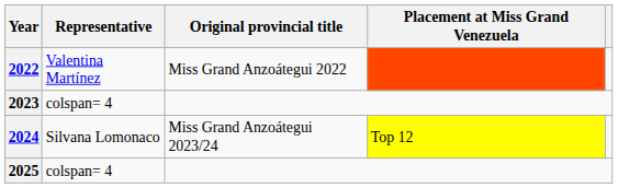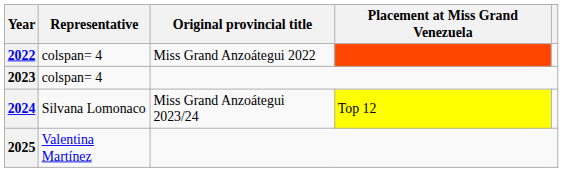 <table class="wikitable defaultcenter col2left" style="font-size:95%;">
 <tr>
 <th>Year</th>
 <th>Representative</th>
 <th>Original provincial title</th>
 <th>Placement at Miss Grand Venezuela</th>
 <th></th>
 </tr>
 <tr>
 <th><a href='#'>2022</a></th>
-<td><a href='#'>Valentina Martínez</a></td>
+<td>colspan= 4 </td>
 <td>Miss Grand Anzoátegui 2022</td>
 <td bgcolor=orangered></td>
 <td></td>
 </tr>
 <tr>
 <th>2023</th>
 <td>colspan= 4 </td>
 </tr>
 <tr>
 <th><a href='#'>2024</a></th>
 <td>Silvana Lomonaco</td>
 <td>Miss Grand Anzoátegui 2023/24</td>
 <td bgcolor=yellow>Top 12</td>
 <td></td>
 </tr>
 <tr>
 <th>2025</th>
-<td>colspan= 4 </td>
+<td><a href='#'>Valentina Martínez</a></td>
 </tr>
 </table>
